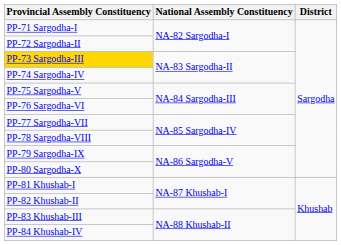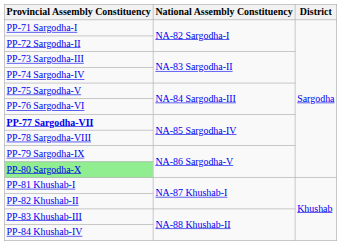 <table class="wikitable sortable static-row-numbers static-row-header-hash">
 <tr>
 <th>Provincial Assembly Constituency</th>
 <th>National Assembly Constituency</th>
 <th>District</th>
 </tr>
 <tr>
 <td><a href='#'>PP-71 Sargodha-I</a></td>
 <td rowspan="2"><a href='#'>NA-82 Sargodha-I</a></td>
 <td rowspan="10"><a href='#'>Sargodha</a></td>
 </tr>
 <tr>
 <td><a href='#'>PP-72 Sargodha-II</a></td>
 </tr>
 <tr>
-<td style="background: gold;"><a href='#'>PP-73 Sargodha-III</a></td>
+<td><a href='#'>PP-73 Sargodha-III</a></td>
 <td rowspan="2"><a href='#'>NA-83 Sargodha-II</a></td>
 </tr>
 <tr>
 <td><a href='#'>PP-74 Sargodha-IV</a></td>
 </tr>
 <tr>
 <td><a href='#'>PP-75 Sargodha-V</a></td>
 <td rowspan="2"><a href='#'>NA-84 Sargodha-III</a></td>
 </tr>
 <tr>
 <td><a href='#'>PP-76 Sargodha-VI</a></td>
 </tr>
 <tr>
-<td><a href='#'>PP-77 Sargodha-VII</a></td>
+<td><strong><a href='#'>PP-77 Sargodha-VII</a></strong></td>
 <td rowspan="2"><a href='#'>NA-85 Sargodha-IV</a></td>
 </tr>
 <tr>
 <td><a href='#'>PP-78 Sargodha-VIII</a></td>
 </tr>
 <tr>
 <td><a href='#'>PP-79 Sargodha-IX</a></td>
 <td rowspan="2"><a href='#'>NA-86 Sargodha-V</a></td>
 </tr>
 <tr>
-<td><a href='#'>PP-80 Sargodha-X</a></td>
+<td style="background: lightgreen;"><a href='#'>PP-80 Sargodha-X</a></td>
 </tr>
 <tr>
 <td><a href='#'>PP-81 Khushab-I</a></td>
 <td rowspan="2"><a href='#'>NA-87 Khushab-I</a></td>
 <td rowspan="4"><a href='#'>Khushab</a></td>
 </tr>
 <tr>
 <td><a href='#'>PP-82 Khushab-II</a></td>
 </tr>
 <tr>
 <td><a href='#'>PP-83 Khushab-III</a></td>
 <td rowspan="2"><a href='#'>NA-88 Khushab-II</a></td>
 </tr>
 <tr>
 <td><a href='#'>PP-84 Khushab-IV</a></td>
 </tr>
 </table>
